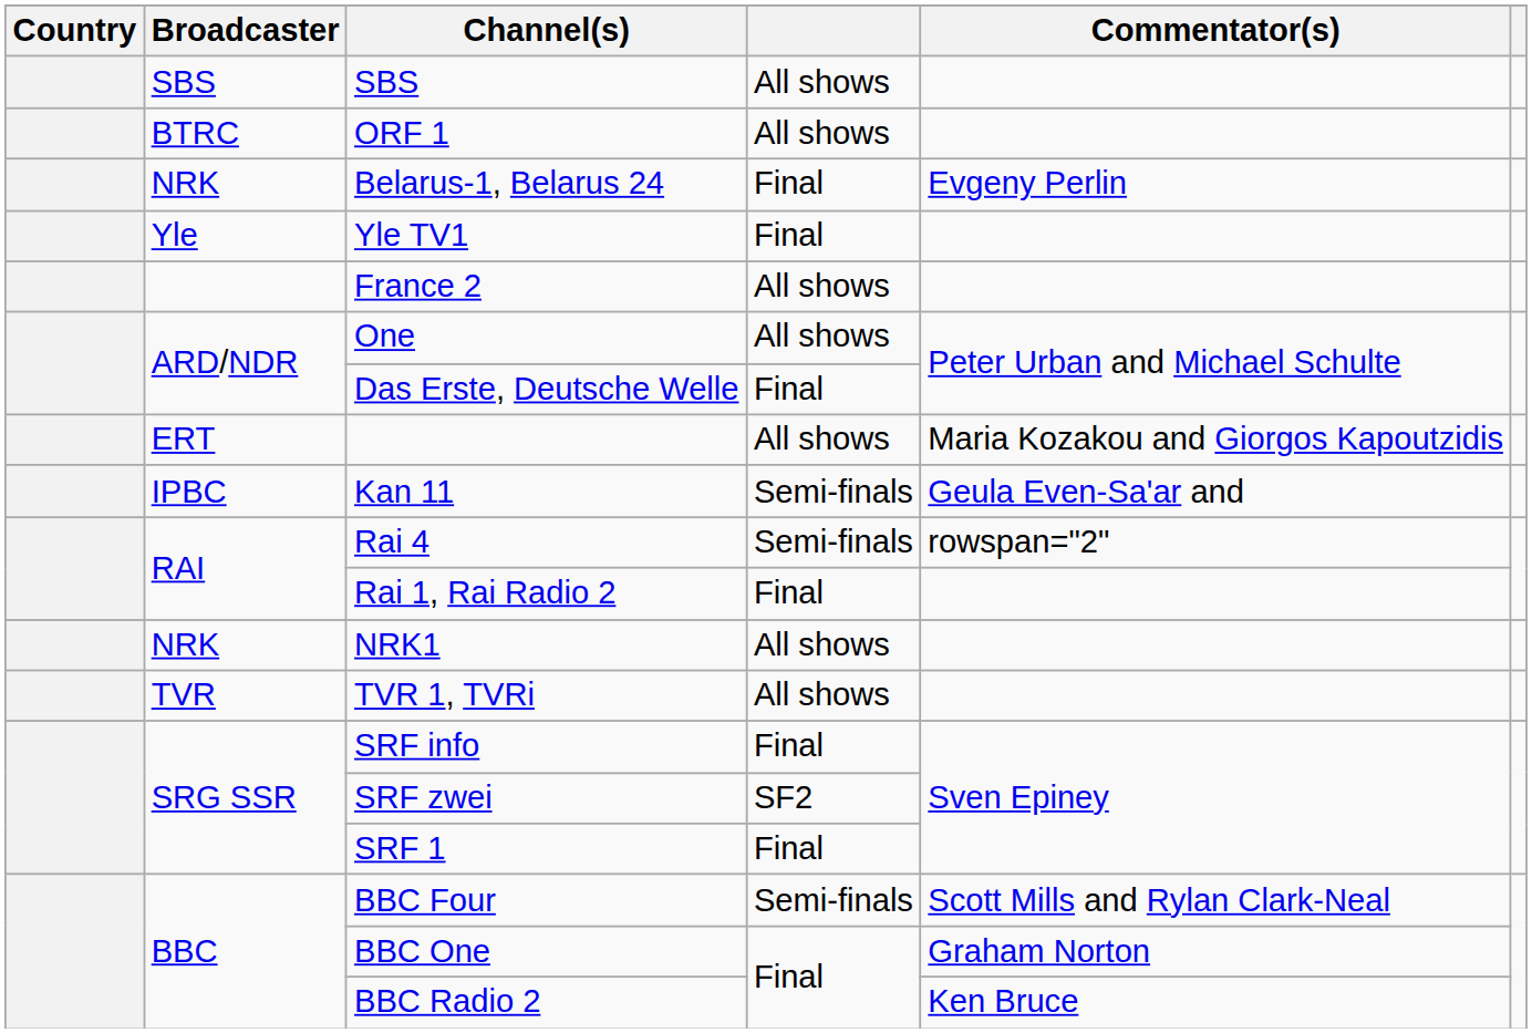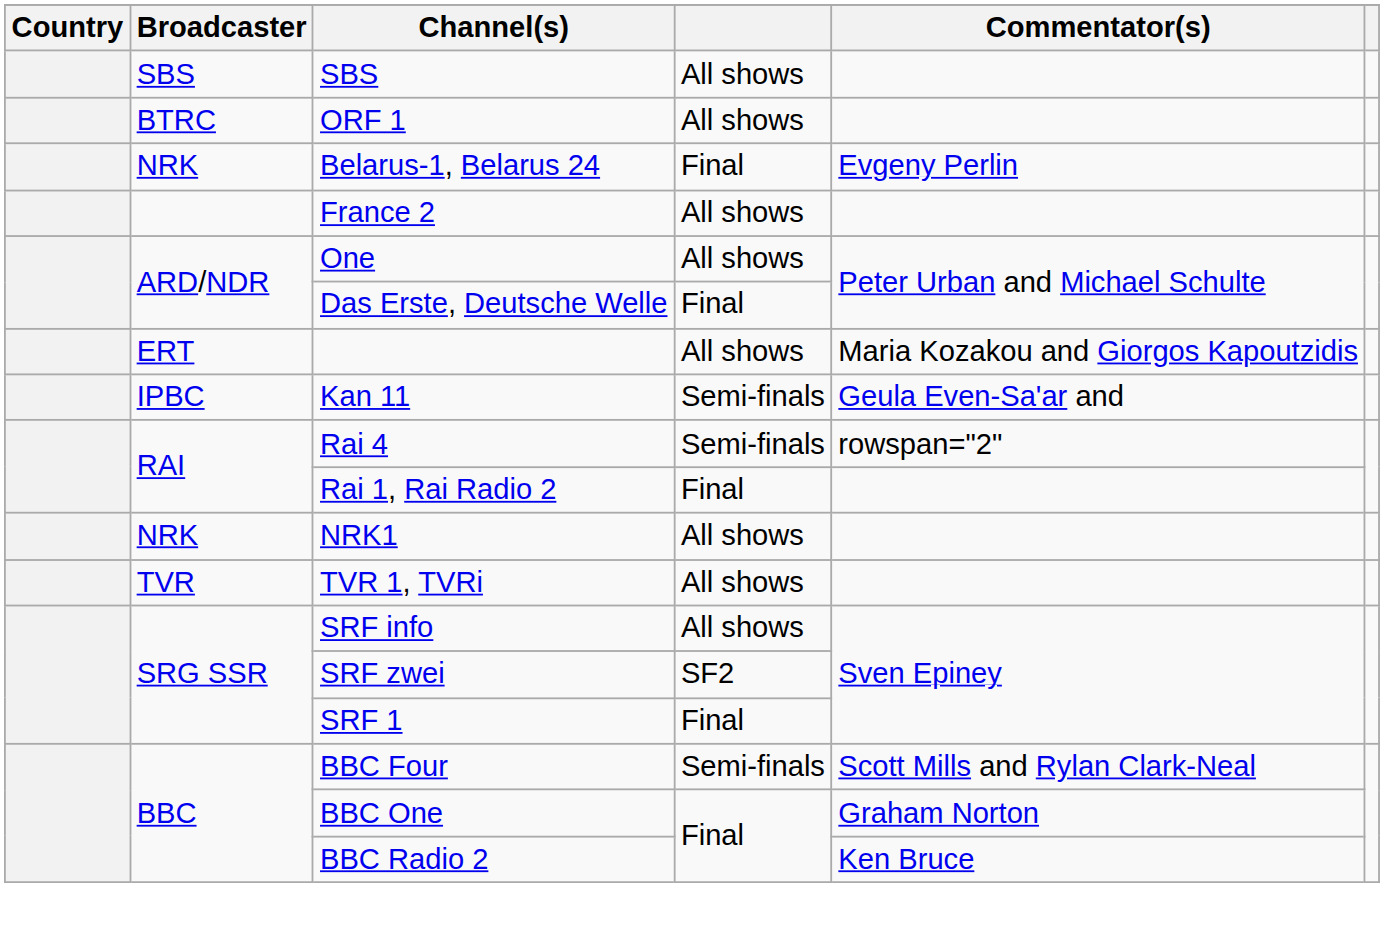 <table class="wikitable plainrowheaders">
 <tr>
 </tr>
 <tr>
 <th scope="col">Country</th>
 <th scope="col">Broadcaster</th>
 <th scope="col">Channel(s)</th>
 <th scope="col"></th>
 <th scope="col">Commentator(s)</th>
 <th scope="col"></th>
 </tr>
 <tr>
 <th scope="row"></th>
 <td><a href='#'>SBS</a></td>
 <td><a href='#'>SBS</a></td>
 <td>All shows</td>
 <td></td>
 <td></td>
 </tr>
 <tr>
 <th scope="row"></th>
 <td><a href='#'>BTRC</a></td>
 <td><a href='#'>ORF 1</a></td>
 <td>All shows</td>
 <td></td>
 <td></td>
 </tr>
 <tr>
 <th scope="row"></th>
 <td><a href='#'>NRK</a></td>
 <td><a href='#'>Belarus-1</a>, <a href='#'>Belarus 24</a></td>
 <td>Final</td>
 <td><a href='#'>Evgeny Perlin</a></td>
-<td></td>
-</tr>
-<tr>
-<th scope="row"></th>
-<td><a href='#'>Yle</a></td>
-<td><a href='#'>Yle TV1</a></td>
-<td>Final</td>
-<td></td>
 <td></td>
 </tr>
 <tr>
 <th scope="row"></th>
 <td></td>
 <td><a href='#'>France 2</a></td>
 <td>All shows</td>
 <td></td>
 <td></td>
 </tr>
 <tr>
 <th rowspan="2" scope="rowgroup"></th>
 <td rowspan="2"><a href='#'>ARD</a>/<a href='#'>NDR</a></td>
 <td><a href='#'>One</a></td>
 <td>All shows</td>
 <td rowspan="2"><a href='#'>Peter Urban</a> and <a href='#'>Michael Schulte</a></td>
 <td rowspan="2"></td>
 </tr>
 <tr>
 <td><a href='#'>Das Erste</a>, <a href='#'>Deutsche Welle</a></td>
 <td>Final</td>
 </tr>
 <tr>
 <th scope="row"></th>
 <td><a href='#'>ERT</a></td>
 <td></td>
 <td>All shows</td>
 <td>Maria Kozakou and <a href='#'>Giorgos Kapoutzidis</a></td>
 <td></td>
 </tr>
 <tr>
 <th scope="row"></th>
 <td><a href='#'>IPBC</a></td>
 <td><a href='#'>Kan 11</a></td>
 <td>Semi-finals</td>
 <td><a href='#'>Geula Even-Sa'ar</a> and </td>
 <td></td>
 </tr>
 <tr>
 <th rowspan="2" scope="rowgroup"></th>
 <td rowspan="2"><a href='#'>RAI</a></td>
 <td><a href='#'>Rai 4</a></td>
 <td>Semi-finals</td>
 <td>rowspan="2" </td>
 <td rowspan="2"></td>
 </tr>
 <tr>
 <td><a href='#'>Rai 1</a>, <a href='#'>Rai Radio 2</a></td>
 <td>Final</td>
 </tr>
 <tr>
 <th scope="row"></th>
 <td><a href='#'>NRK</a></td>
 <td><a href='#'>NRK1</a></td>
 <td>All shows</td>
 <td></td>
 <td></td>
 </tr>
 <tr>
 <th scope="row"></th>
 <td><a href='#'>TVR</a></td>
 <td><a href='#'>TVR 1</a>, <a href='#'>TVRi</a></td>
 <td>All shows</td>
 <td></td>
 <td></td>
 </tr>
 <tr>
 <th rowspan="3" scope="rowgroup"></th>
 <td rowspan="3"><a href='#'>SRG SSR</a></td>
 <td><a href='#'>SRF info</a></td>
-<td>Final</td>
+<td>All shows</td>
 <td rowspan="3"><a href='#'>Sven Epiney</a></td>
 <td rowspan="3"></td>
 </tr>
 <tr>
 <td><a href='#'>SRF zwei</a></td>
 <td>SF2</td>
 </tr>
 <tr>
 <td><a href='#'>SRF 1</a></td>
 <td>Final</td>
 </tr>
 <tr>
 <th scope="rowgroup" rowspan="3"></th>
 <td rowspan="3"><a href='#'>BBC</a></td>
 <td><a href='#'>BBC Four</a></td>
 <td>Semi-finals</td>
 <td><a href='#'>Scott Mills</a> and <a href='#'>Rylan Clark-Neal</a></td>
 <td rowspan="3"></td>
 </tr>
 <tr>
 <td><a href='#'>BBC One</a></td>
 <td rowspan="2">Final</td>
 <td><a href='#'>Graham Norton</a></td>
 </tr>
 <tr>
 <td><a href='#'>BBC Radio 2</a></td>
 <td><a href='#'>Ken Bruce</a></td>
 </tr>
 </table>
